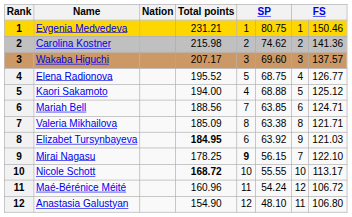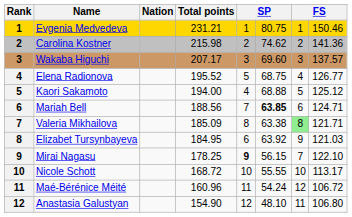 <table class="wikitable sortable">
 <tr>
 <th>Rank</th>
 <th>Name</th>
 <th>Nation</th>
 <th>Total points</th>
 <th colspan="2" width="80px"><a href='#'>SP</a></th>
 <th colspan="2" width="80px"><a href='#'>FS</a></th>
 </tr>
 <tr bgcolor="gold">
 <td align="center"><strong>1</strong></td>
 <td><a href='#'>Evgenia Medvedeva</a></td>
 <td></td>
 <td align="center">231.21</td>
 <td align="center">1</td>
 <td align="center">80.75</td>
 <td align="center">1</td>
 <td align="center">150.46</td>
 </tr>
 <tr bgcolor="silver">
 <td align="center"><strong>2</strong></td>
 <td><a href='#'>Carolina Kostner</a></td>
 <td></td>
 <td align="center">215.98</td>
 <td align="center">2</td>
 <td align="center">74.62</td>
 <td align="center">2</td>
 <td align="center">141.36</td>
 </tr>
 <tr bgcolor="cc9966">
 <td align="center"><strong>3</strong></td>
 <td><a href='#'>Wakaba Higuchi</a></td>
 <td></td>
 <td align="center">207.17</td>
 <td align="center">3</td>
 <td align="center">69.60</td>
 <td align="center">3</td>
 <td align="center">137.57</td>
 </tr>
 <tr>
 <th>4</th>
 <td><a href='#'>Elena Radionova</a></td>
 <td></td>
 <td align="center">195.52</td>
 <td align="center">5</td>
 <td align="center">68.75</td>
 <td align="center">4</td>
 <td align="center">126.77</td>
 </tr>
 <tr>
 <th>5</th>
 <td><a href='#'>Kaori Sakamoto</a></td>
 <td></td>
 <td align="center">194.00</td>
 <td align="center">4</td>
 <td align="center">68.88</td>
 <td align="center">5</td>
 <td align="center">125.12</td>
 </tr>
 <tr>
 <th>6</th>
 <td><a href='#'>Mariah Bell</a></td>
 <td></td>
 <td align="center">188.56</td>
 <td align="center">7</td>
-<td align="center">63.85</td>
+<td align="center"><strong>63.85</strong></td>
 <td align="center">6</td>
 <td align="center">124.71</td>
 </tr>
 <tr>
 <th>7</th>
 <td><a href='#'>Valeria Mikhailova</a></td>
 <td></td>
 <td align="center">185.09</td>
 <td align="center">8</td>
 <td align="center">63.38</td>
-<td align="center">8</td>
+<td align="center" style="background: lightgreen;">8</td>
 <td align="center">121.71</td>
 </tr>
 <tr>
 <th>8</th>
 <td><a href='#'>Elizabet Tursynbayeva</a></td>
 <td></td>
-<td align="center"><strong>184.95</strong></td>
+<td align="center">184.95</td>
 <td align="center">6</td>
 <td align="center">63.92</td>
 <td align="center">9</td>
 <td align="center">121.03</td>
 </tr>
 <tr>
 <th>9</th>
 <td><a href='#'>Mirai Nagasu</a></td>
 <td></td>
 <td align="center">178.25</td>
 <td align="center"><strong>9</strong></td>
 <td align="center">56.15</td>
 <td align="center">7</td>
 <td align="center">122.10</td>
 </tr>
 <tr>
 <th>10</th>
 <td><a href='#'>Nicole Schott</a></td>
 <td></td>
-<td align="center"><strong>168.72</strong></td>
+<td align="center">168.72</td>
 <td align="center">10</td>
 <td align="center">55.55</td>
 <td align="center">10</td>
 <td align="center">113.17</td>
 </tr>
 <tr>
 <th>11</th>
 <td><a href='#'>Maé-Bérénice Méité</a></td>
 <td></td>
 <td align="center">160.96</td>
 <td align="center">11</td>
 <td align="center">54.24</td>
 <td align="center">12</td>
 <td align="center">106.72</td>
 </tr>
 <tr>
 <th>12</th>
 <td><a href='#'>Anastasia Galustyan</a></td>
 <td></td>
 <td align="center">154.90</td>
 <td align="center">12</td>
 <td align="center">48.10</td>
 <td align="center">11</td>
 <td align="center">106.80</td>
 </tr>
 </table>
